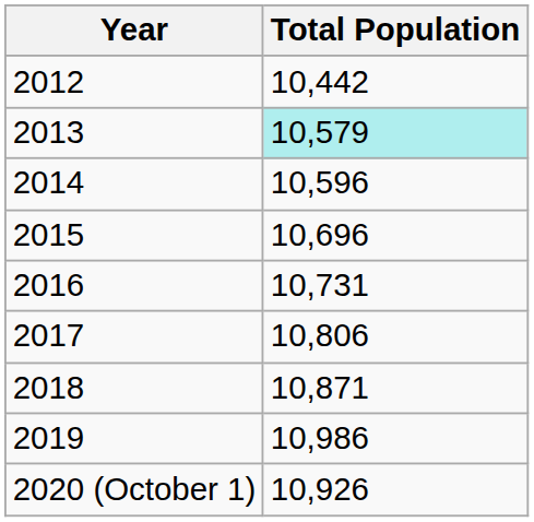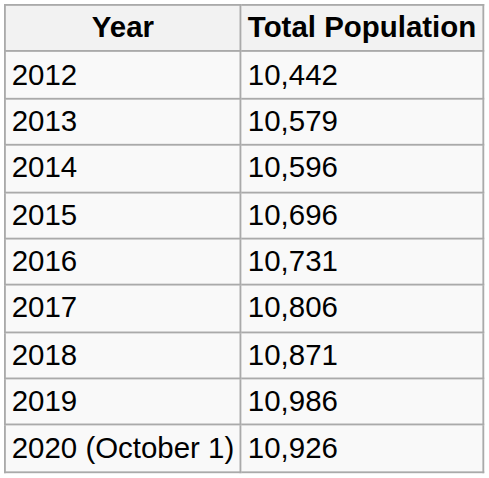 <table class="wikitable">
 <tr>
 <th>Year</th>
 <th>Total Population</th>
 </tr>
 <tr>
 <td>2012</td>
 <td>10,442</td>
 </tr>
 <tr>
 <td>2013</td>
-<td style="background: paleturquoise;">10,579</td>
+<td>10,579</td>
 </tr>
 <tr>
 <td>2014</td>
 <td>10,596</td>
 </tr>
 <tr>
 <td>2015</td>
 <td>10,696</td>
 </tr>
 <tr>
 <td>2016</td>
 <td>10,731</td>
 </tr>
 <tr>
 <td>2017</td>
 <td>10,806</td>
 </tr>
 <tr>
 <td>2018</td>
 <td>10,871</td>
 </tr>
 <tr>
 <td>2019</td>
 <td>10,986</td>
 </tr>
 <tr>
 <td>2020 (October 1)</td>
 <td>10,926</td>
 </tr>
 </table>
